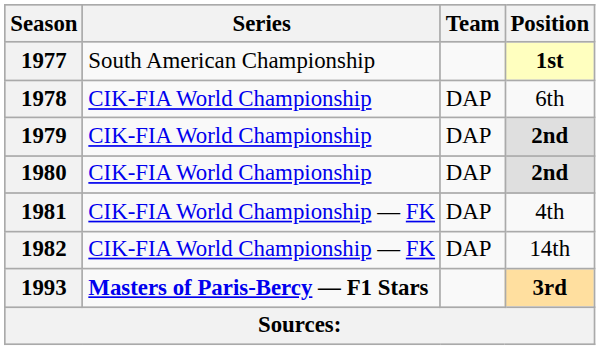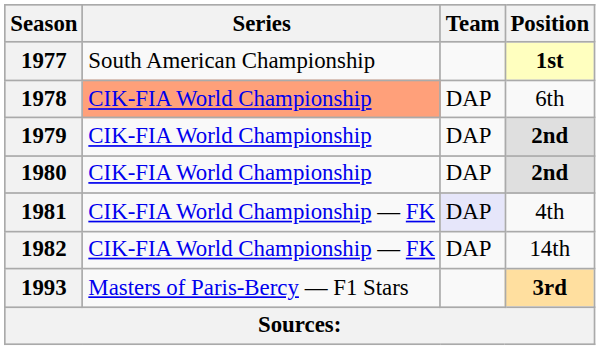 <table class="wikitable" style="font-size: 85%; text-align:center">
 <tr>
 <th>Season</th>
 <th>Series</th>
 <th>Team</th>
 <th>Position</th>
 </tr>
 <tr>
 <th>1977</th>
 <td align="left">South American Championship</td>
 <td align="left"></td>
 <td style="background:#FFFFBF;"><strong>1st</strong></td>
 </tr>
 <tr>
 <th>1978</th>
-<td align="left"><a href='#'>CIK-FIA World Championship</a></td>
+<td align="left" style="background: lightsalmon;"><a href='#'>CIK-FIA World Championship</a></td>
 <td align="left">DAP</td>
 <td>6th</td>
 </tr>
 <tr>
 <th>1979</th>
 <td align="left"><a href='#'>CIK-FIA World Championship</a></td>
 <td align="left">DAP</td>
 <td style="background:#DFDFDF;"><strong>2nd</strong></td>
 </tr>
 <tr>
 <th>1980</th>
 <td align="left"><a href='#'>CIK-FIA World Championship</a></td>
 <td align="left">DAP</td>
 <td style="background:#DFDFDF;"><strong>2nd</strong></td>
 </tr>
 <tr>
 <th>1981</th>
 <td align="left"><a href='#'>CIK-FIA World Championship</a> — <a href='#'>FK</a></td>
-<td align="left">DAP</td>
+<td align="left" style="background: lavender;">DAP</td>
 <td>4th</td>
 </tr>
 <tr>
 <th>1982</th>
 <td align="left"><a href='#'>CIK-FIA World Championship</a> — <a href='#'>FK</a></td>
 <td align="left">DAP</td>
 <td>14th</td>
 </tr>
 <tr>
 <th>1993</th>
-<td align="left"><strong><a href='#'>Masters of Paris-Bercy</a> — F1 Stars</strong></td>
+<td align="left"><a href='#'>Masters of Paris-Bercy</a> — F1 Stars</td>
 <td></td>
 <td style="background:#FFDF9F"><strong>3rd</strong></td>
 </tr>
 <tr>
 <th colspan="4">Sources:</th>
 </tr>
 </table>
